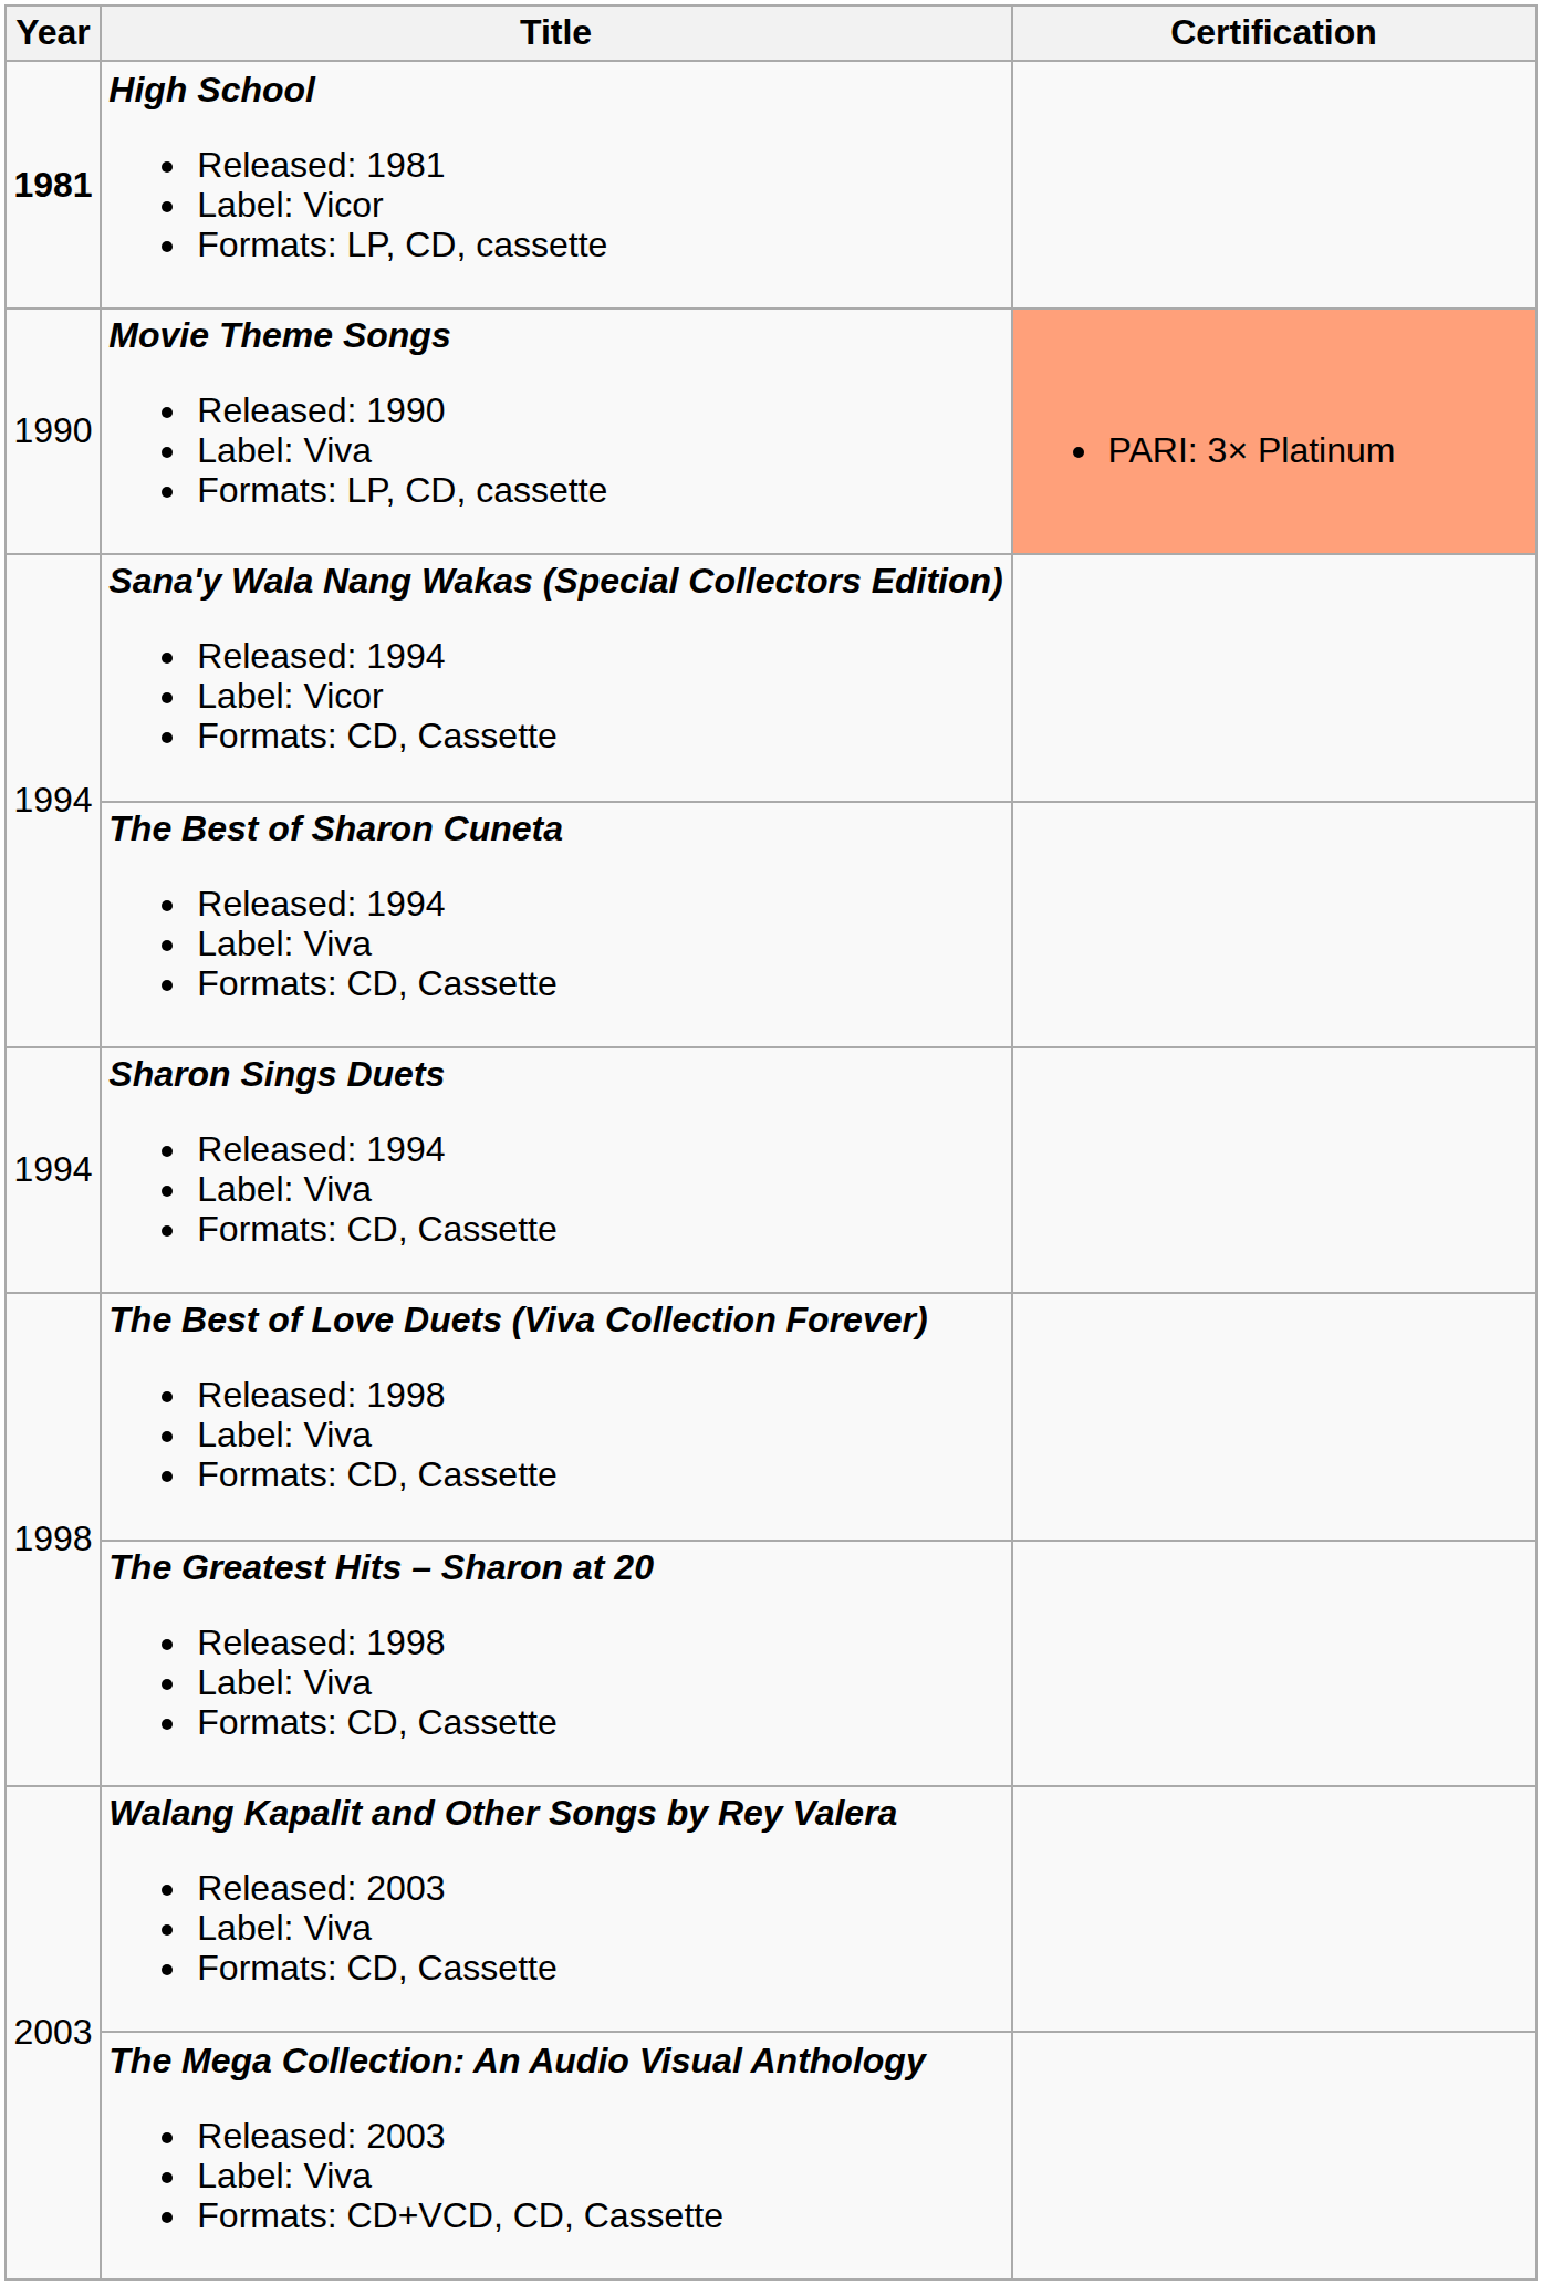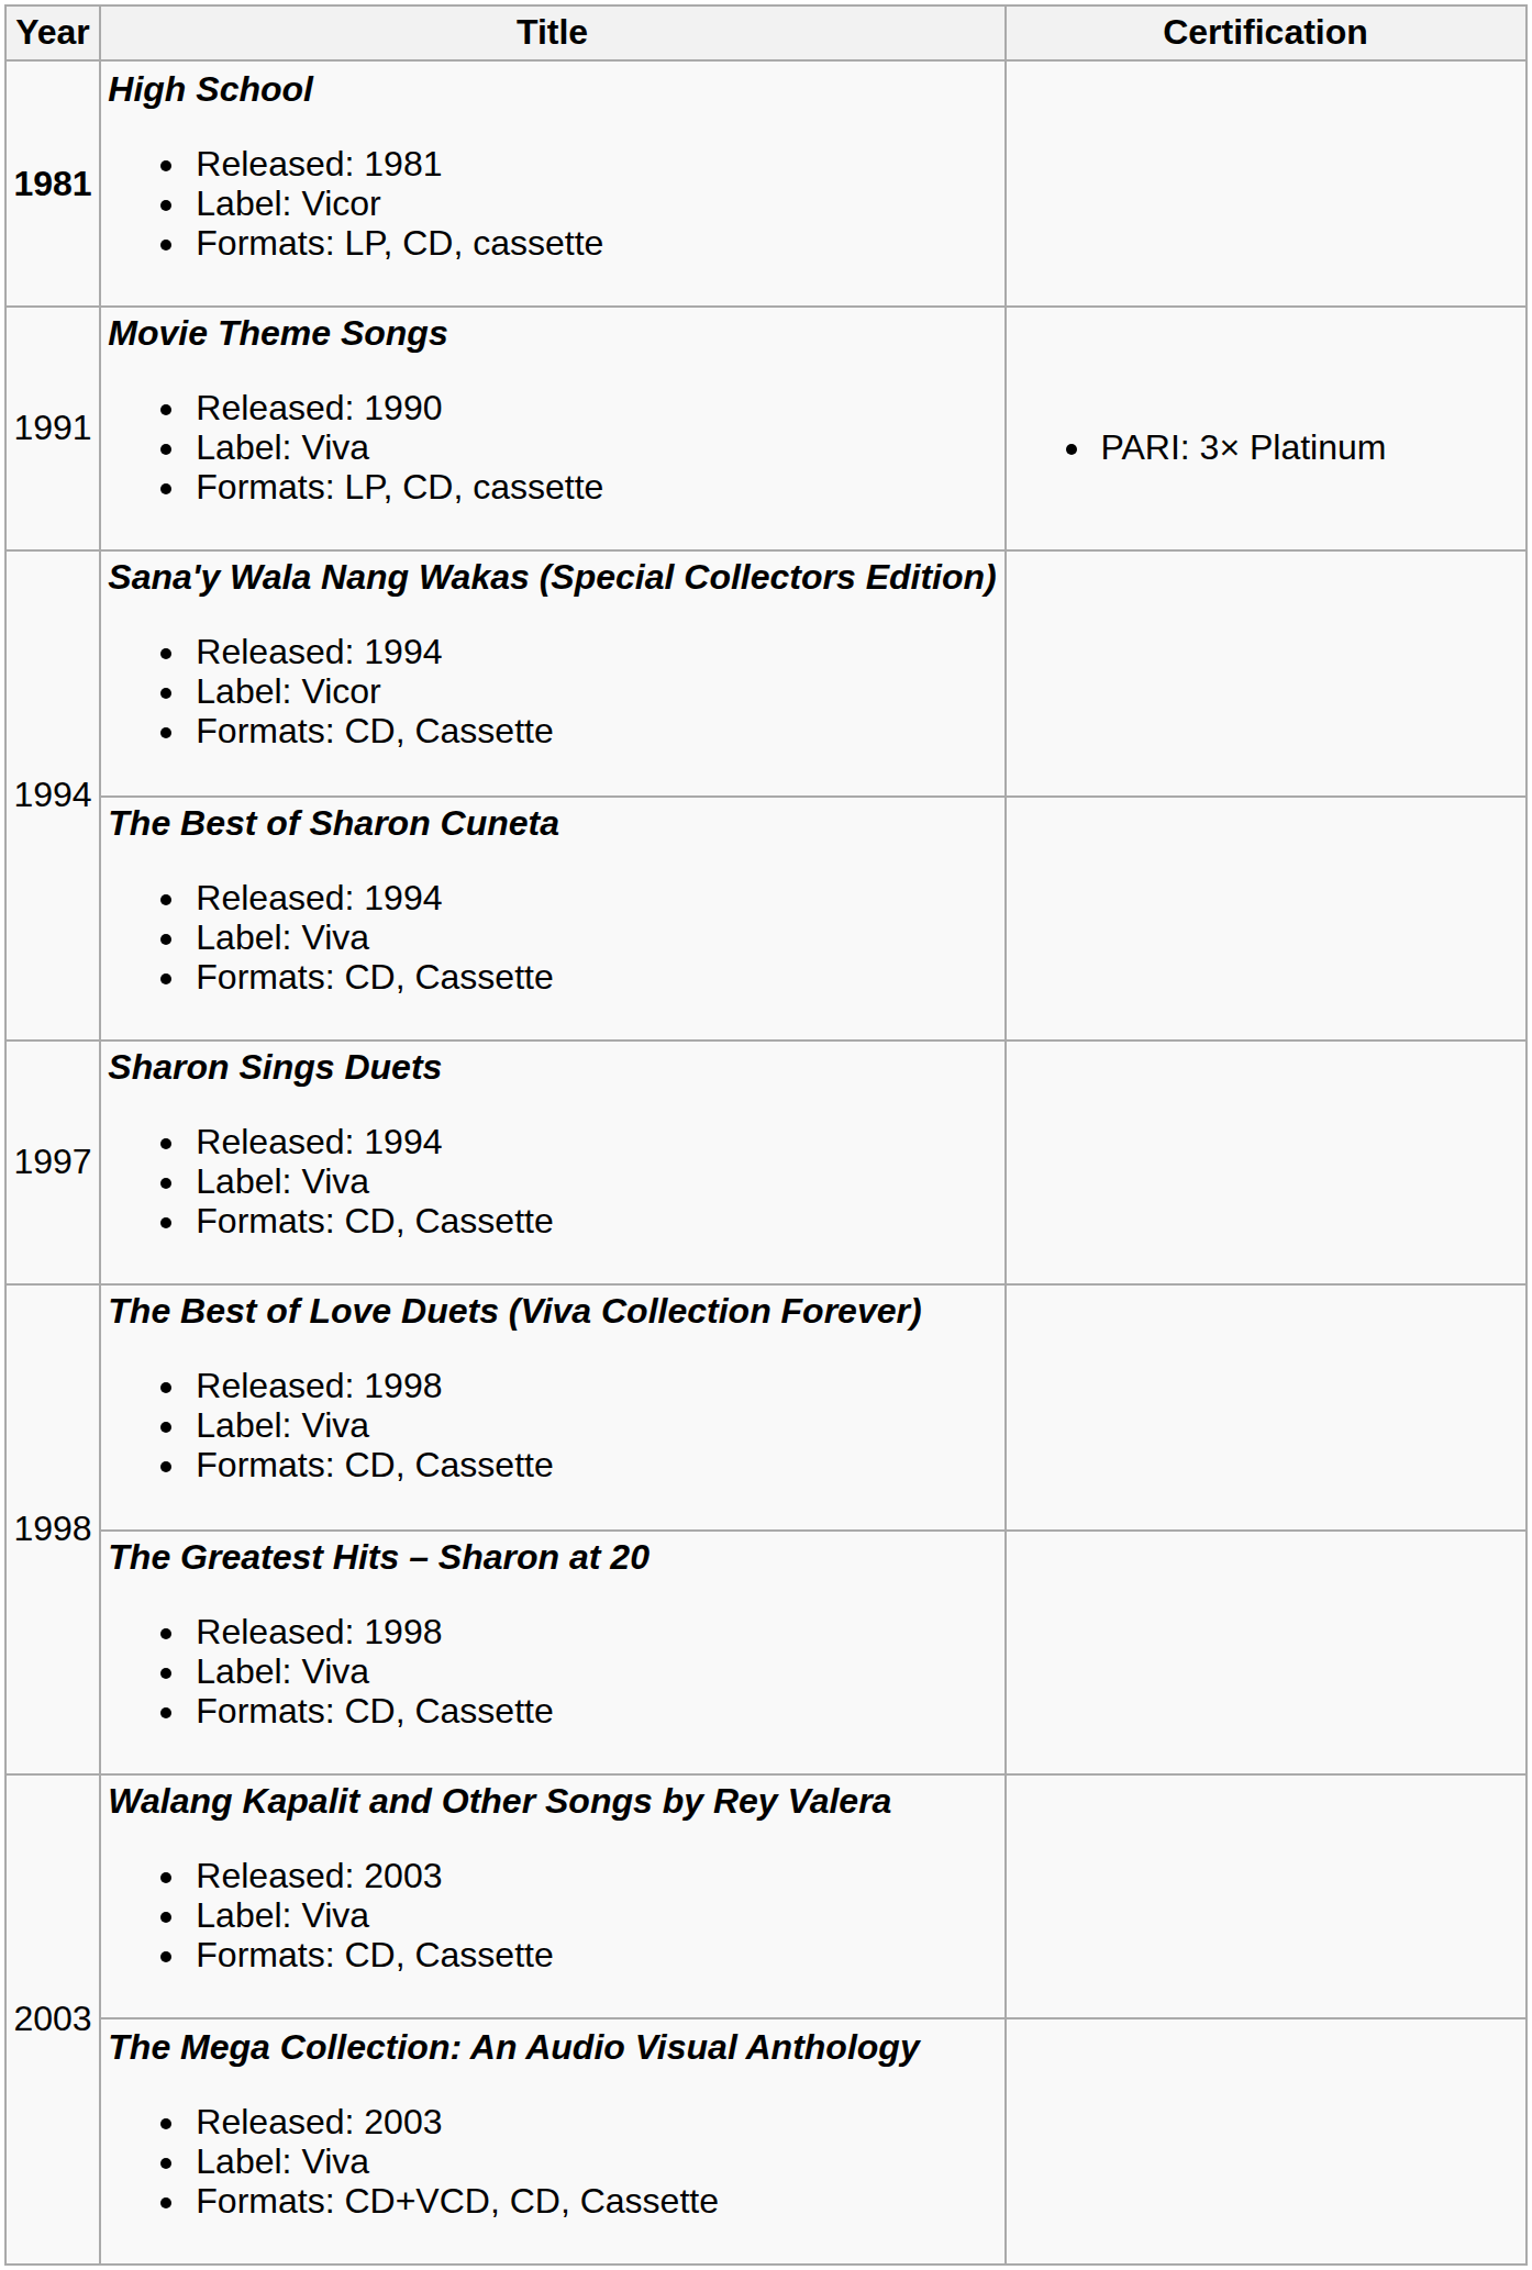 <table class="wikitable">
 <tr>
 <th>Year</th>
 <th>Title</th>
 <th width=230>Certification</th>
 </tr>
 <tr>
 <td><strong>1981</strong></td>
 <td><strong><em>High School</em></strong><br><ul><li>Released: 1981</li><li>Label: Vicor</li><li>Formats: LP, CD, cassette</li></ul></td>
 <td></td>
 </tr>
 <tr>
-<td>1990</td>
+<td>1991</td>
 <td><strong><em>Movie Theme Songs</em></strong><br><ul><li>Released: 1990</li><li>Label: Viva</li><li>Formats: LP, CD, cassette</li></ul></td>
-<td style="background: lightsalmon;"><br><ul><li>PARI: 3× Platinum</li></ul></td>
+<td><br><ul><li>PARI: 3× Platinum</li></ul></td>
 </tr>
 <tr>
 <td rowspan="2">1994</td>
 <td><strong><em>Sana'y Wala Nang Wakas (Special Collectors Edition)</em></strong><br><ul><li>Released: 1994</li><li>Label: Vicor</li><li>Formats: CD, Cassette</li></ul></td>
 <td></td>
 </tr>
 <tr>
 <td><strong><em>The Best of Sharon Cuneta</em></strong><br><ul><li>Released: 1994</li><li>Label: Viva</li><li>Formats: CD, Cassette</li></ul></td>
 <td></td>
 </tr>
 <tr>
-<td>1994</td>
+<td>1997</td>
 <td><strong><em>Sharon Sings Duets</em></strong><br><ul><li>Released: 1994</li><li>Label: Viva</li><li>Formats: CD, Cassette</li></ul></td>
 <td></td>
 </tr>
 <tr>
 <td rowspan="2">1998</td>
 <td><strong><em>The Best of Love Duets (Viva Collection Forever)</em></strong><br><ul><li>Released: 1998</li><li>Label: Viva</li><li>Formats: CD, Cassette</li></ul></td>
 <td></td>
 </tr>
 <tr>
 <td><strong><em>The Greatest Hits – Sharon at 20</em></strong><br><ul><li>Released: 1998</li><li>Label: Viva</li><li>Formats: CD, Cassette</li></ul></td>
 <td></td>
 </tr>
 <tr>
 <td rowspan="2">2003</td>
 <td><strong><em>Walang Kapalit and Other Songs by Rey Valera</em></strong><br><ul><li>Released: 2003</li><li>Label: Viva</li><li>Formats: CD, Cassette</li></ul></td>
 <td></td>
 </tr>
 <tr>
 <td><strong><em>The Mega Collection: An Audio Visual Anthology</em></strong><br><ul><li>Released: 2003</li><li>Label: Viva</li><li>Formats: CD+VCD, CD, Cassette</li></ul></td>
 <td></td>
 </tr>
 <tr>
 </tr>
 </table>
